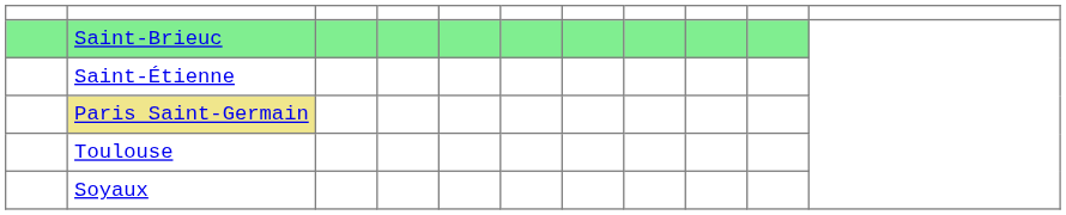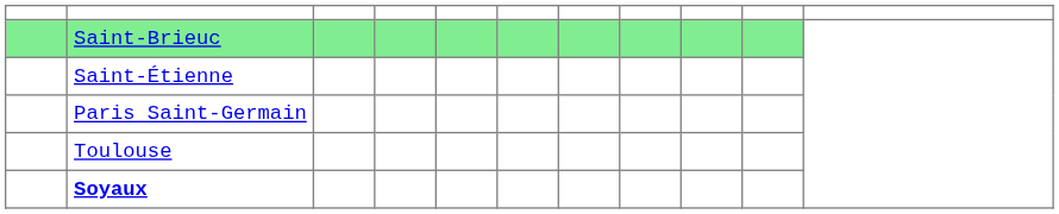 <table class="toccolours" border="1" cellpadding="4" cellspacing="0" style="border-collapse: collapse; margin:0;">
 <tr>
 <th width=30></th>
 <th></th>
 <th width=30></th>
 <th width=30></th>
 <th width=30></th>
 <th width=30></th>
 <th width=30></th>
 <th width=30></th>
 <th width=30></th>
 <th width=30></th>
 <th width=150></th>
 </tr>
 <tr style="background: #80EE90;">
 <td></td>
 <td><a href='#'>Saint-Brieuc</a></td>
 <td></td>
 <td></td>
 <td></td>
 <td></td>
 <td></td>
 <td></td>
 <td></td>
 <td></td>
 </tr>
 <tr>
 <td></td>
 <td><a href='#'>Saint-Étienne</a></td>
 <td></td>
 <td></td>
 <td></td>
 <td></td>
 <td></td>
 <td></td>
 <td></td>
 <td></td>
 </tr>
 <tr>
 <td></td>
-<td style="background: khaki;"><a href='#'>Paris Saint-Germain</a></td>
+<td><a href='#'>Paris Saint-Germain</a></td>
 <td></td>
 <td></td>
 <td></td>
 <td></td>
 <td></td>
 <td></td>
 <td></td>
 <td></td>
 </tr>
 <tr>
 <td></td>
 <td><a href='#'>Toulouse</a></td>
 <td></td>
 <td></td>
 <td></td>
 <td></td>
 <td></td>
 <td></td>
 <td></td>
 <td></td>
 </tr>
 <tr>
 <td></td>
-<td><a href='#'>Soyaux</a></td>
+<td><strong><a href='#'>Soyaux</a></strong></td>
 <td></td>
 <td></td>
 <td></td>
 <td></td>
 <td></td>
 <td></td>
 <td></td>
 <td></td>
 </tr>
 </table>
